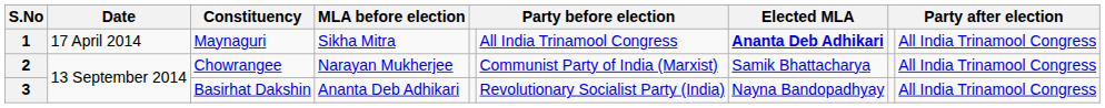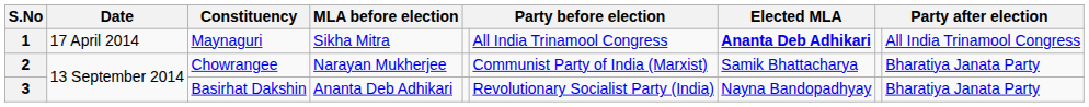 <table class="wikitable sortable">
 <tr>
 <th>S.No</th>
 <th>Date</th>
 <th>Constituency</th>
 <th>MLA before election</th>
 <th colspan="2">Party before election</th>
 <th>Elected MLA</th>
 <th colspan="2">Party after election</th>
 </tr>
 <tr>
 <th>1</th>
 <td rowspan="1">17 April 2014</td>
 <td><a href='#'>Maynaguri</a></td>
 <td><a href='#'>Sikha Mitra</a></td>
 <td></td>
 <td><a href='#'>All India Trinamool Congress</a></td>
 <td><strong><a href='#'>Ananta Deb Adhikari</a></strong></td>
 <td></td>
 <td><a href='#'>All India Trinamool Congress</a></td>
 </tr>
 <tr>
 <th>2</th>
 <td rowspan="2">13 September 2014</td>
 <td><a href='#'>Chowrangee</a></td>
 <td><a href='#'>Narayan Mukherjee</a></td>
 <td></td>
 <td><a href='#'>Communist Party of India (Marxist)</a></td>
 <td><a href='#'>Samik Bhattacharya</a></td>
 <td></td>
-<td><a href='#'>All India Trinamool Congress</a></td>
+<td><a href='#'>Bharatiya Janata Party</a></td>
 </tr>
 <tr>
 <th>3</th>
 <td><a href='#'>Basirhat Dakshin</a></td>
 <td><a href='#'>Ananta Deb Adhikari</a></td>
 <td></td>
 <td><a href='#'>Revolutionary Socialist Party (India)</a></td>
 <td><a href='#'>Nayna Bandopadhyay</a></td>
 <td></td>
-<td><a href='#'>All India Trinamool Congress</a></td>
+<td><a href='#'>Bharatiya Janata Party</a></td>
 </tr>
 </table>
